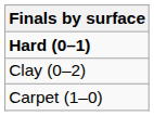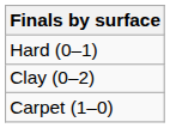 <table class=wikitable style=font-size:90%>
 <tr>
 <th>Finals by surface</th>
 </tr>
 <tr>
-<td><strong>Hard (0–1)</strong></td>
+<td>Hard (0–1)</td>
 </tr>
 <tr>
 <td>Clay (0–2)</td>
 </tr>
 <tr>
 <td>Carpet (1–0)</td>
 </tr>
 </table>
